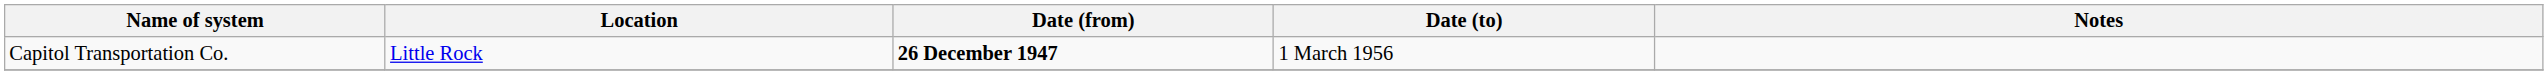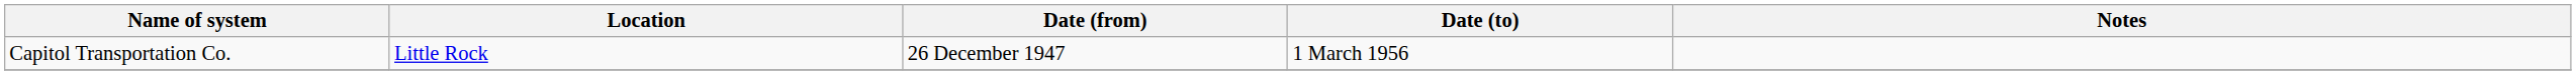 <table class="wikitable" width=100%>
 <tr>
 <th width=15%>Name of system</th>
 <th width=20%>Location</th>
 <th width=15%>Date (from)</th>
 <th width=15%>Date (to)</th>
 <th width=35%>Notes</th>
 </tr>
 <tr>
 <td>Capitol Transportation Co.</td>
 <td><a href='#'>Little Rock</a></td>
-<td><strong>26 December 1947</strong></td>
+<td>26 December 1947</td>
 <td>1 March 1956</td>
 <td> </td>
 </tr>
 <tr>
 </tr>
 </table>
